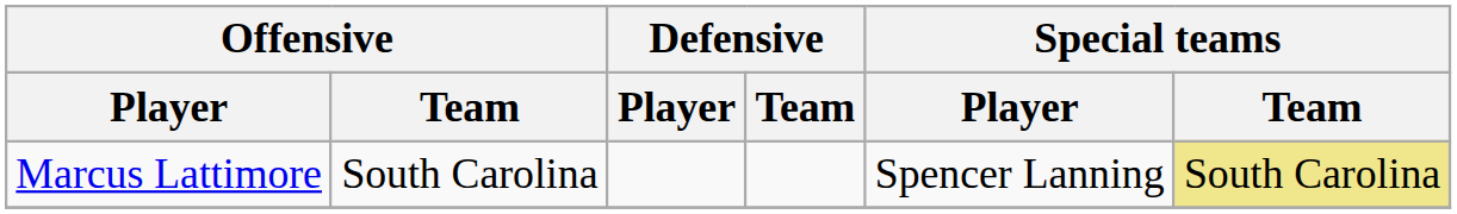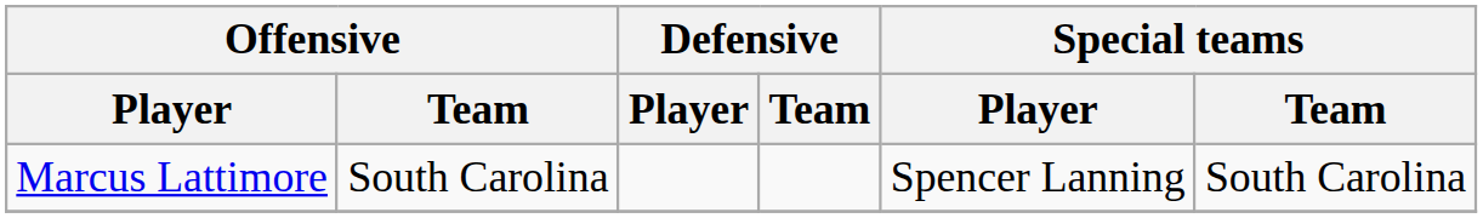 <table class="wikitable" border="1">
 <tr>
 <th colspan="2">Offensive</th>
 <th colspan="2">Defensive</th>
 <th colspan="2">Special teams</th>
 </tr>
 <tr>
 <th>Player</th>
 <th>Team</th>
 <th>Player</th>
 <th>Team</th>
 <th>Player</th>
 <th>Team</th>
 </tr>
 <tr>
 <td><a href='#'>Marcus Lattimore</a></td>
 <td>South Carolina</td>
 <td></td>
 <td></td>
 <td>Spencer Lanning</td>
-<td style="background: khaki;">South Carolina</td>
+<td>South Carolina</td>
 </tr>
 <tr>
 </tr>
 </table>
